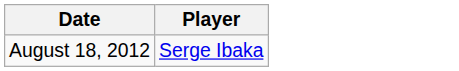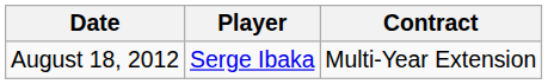 <table class="wikitable" style="text-align: center">
 <tr>
 <th>Date</th>
 <th>Player</th>
+<th>Contract</th>
 </tr>
 <tr style="text-align: center">
 <td>August 18, 2012</td>
 <td><a href='#'>Serge Ibaka</a></td>
+<td>Multi-Year Extension</td>
 </tr>
 </table>
